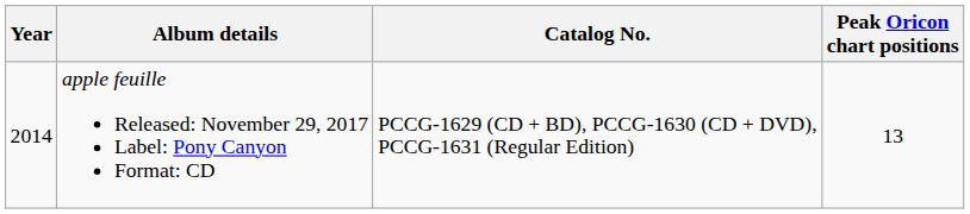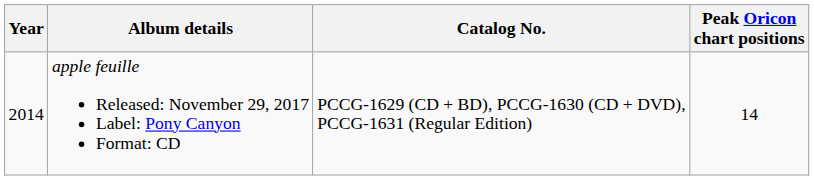 <table class="wikitable">
 <tr>
 <th>Year</th>
 <th>Album details</th>
 <th>Catalog No.</th>
 <th>Peak <a href='#'>Oricon</a><br> chart positions</th>
 </tr>
 <tr>
 <td>2014</td>
 <td align="left"><em>apple feuille</em><br><ul><li>Released: November 29, 2017</li><li>Label: <a href='#'>Pony Canyon</a></li><li>Format: CD</li></ul></td>
 <td>PCCG-1629 (CD + BD), PCCG-1630 (CD + DVD),<br>PCCG-1631 (Regular Edition)</td>
-<td align="center">13</td>
+<td align="center">14</td>
 </tr>
 </table>
